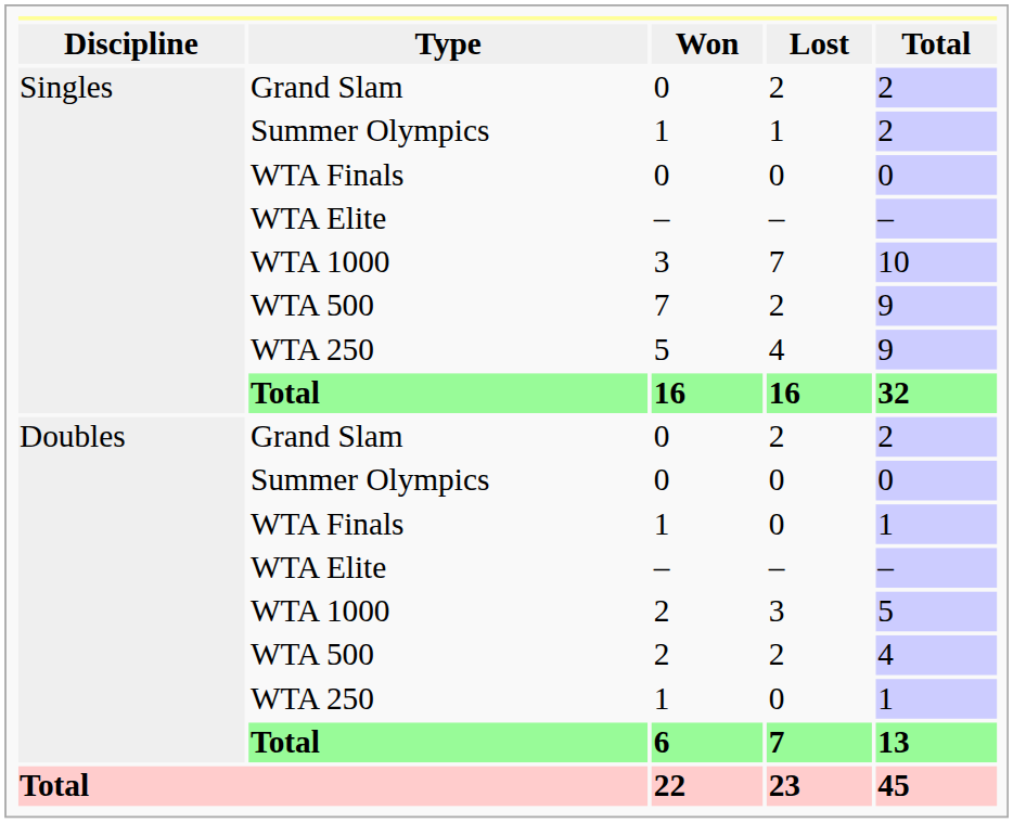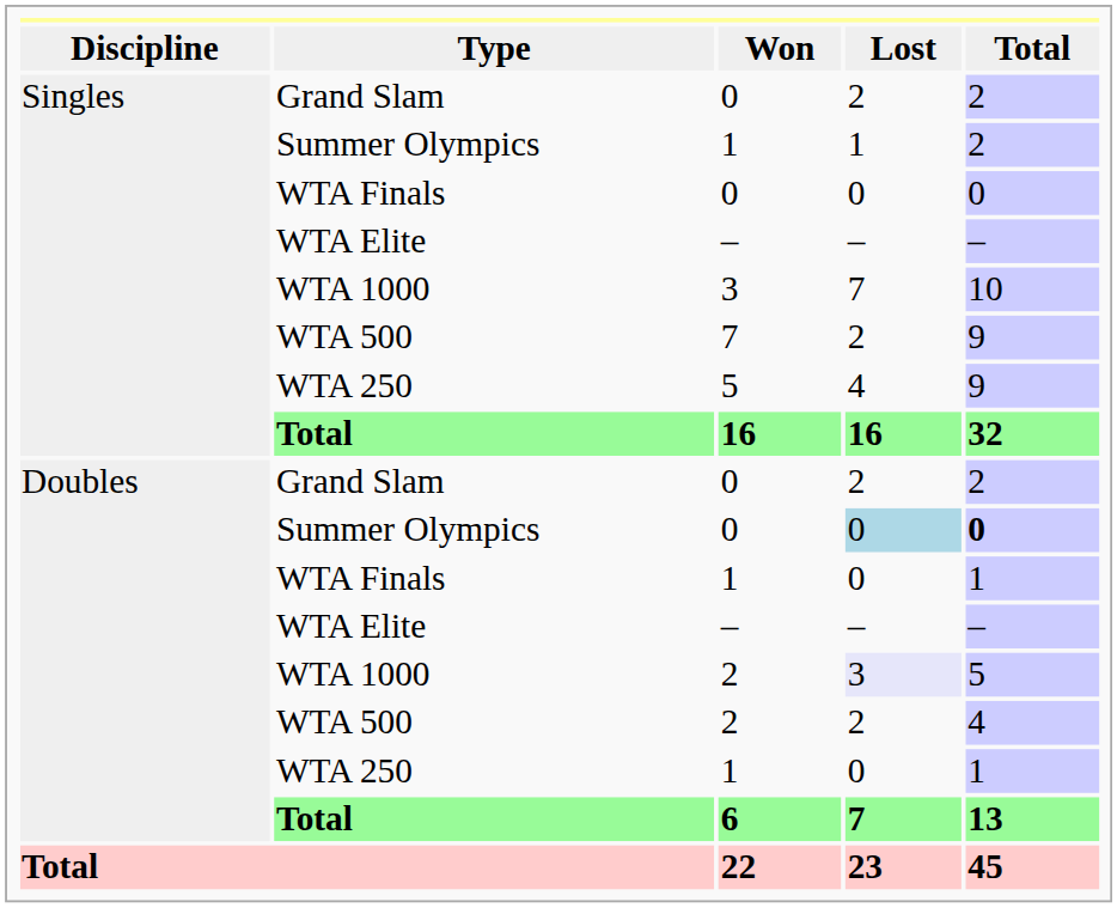 <table class="infobox vcard vevent nowrap" width=40%>
 <tr bgcolor=FFFF99>
 <th colspan=6></th>
 </tr>
 <tr style=background:#efefef;font-weight:bold>
 <th>Discipline</th>
 <th>Type</th>
 <th>Won</th>
 <th>Lost</th>
 <th>Total</th>
 </tr>
 <tr>
 <td rowspan="8" bgcolor=efefef>Singles</td>
 <td>Grand Slam</td>
 <td>0</td>
 <td>2</td>
 <td bgcolor=CCCCFF>2</td>
 </tr>
 <tr>
 <td>Summer Olympics</td>
 <td>1</td>
 <td>1</td>
 <td bgcolor=CCCCFF>2</td>
 </tr>
 <tr>
 <td>WTA Finals</td>
 <td>0</td>
 <td>0</td>
 <td bgcolor=CCCCFF>0</td>
 </tr>
 <tr>
 <td>WTA Elite</td>
 <td>–</td>
 <td>–</td>
 <td bgcolor="CCCCFF">–</td>
 </tr>
 <tr>
 <td>WTA 1000</td>
 <td>3</td>
 <td>7</td>
 <td bgcolor="CCCCFF">10</td>
 </tr>
 <tr>
 <td>WTA 500</td>
 <td>7</td>
 <td>2</td>
 <td bgcolor="CCCCFF">9</td>
 </tr>
 <tr>
 <td>WTA 250</td>
 <td>5</td>
 <td>4</td>
 <td bgcolor="CCCCFF">9</td>
 </tr>
 <tr style="background:#98FB98;font-weight:bold">
 <td><strong>Total</strong></td>
 <td>16</td>
 <td>16</td>
 <td>32</td>
 </tr>
 <tr>
 <td rowspan="8" bgcolor=efefef>Doubles</td>
 <td>Grand Slam</td>
 <td>0</td>
 <td>2</td>
 <td bgcolor="CCCCFF">2</td>
 </tr>
 <tr>
 <td>Summer Olympics</td>
 <td>0</td>
-<td>0</td>
-<td bgcolor=CCCCFF>0</td>
+<td style="background: lightblue;">0</td>
+<td bgcolor=CCCCFF><strong>0</strong></td>
 </tr>
 <tr>
 <td>WTA Finals</td>
 <td>1</td>
 <td>0</td>
 <td bgcolor=CCCCFF>1</td>
 </tr>
 <tr>
 <td>WTA Elite</td>
 <td>–</td>
 <td>–</td>
 <td bgcolor="CCCCFF">–</td>
 </tr>
 <tr>
 <td>WTA 1000</td>
 <td>2</td>
-<td>3</td>
+<td style="background: lavender;">3</td>
 <td bgcolor="CCCCFF">5</td>
 </tr>
 <tr>
 <td>WTA 500</td>
 <td>2</td>
 <td>2</td>
 <td bgcolor="CCCCFF">4</td>
 </tr>
 <tr>
 <td>WTA 250</td>
 <td>1</td>
 <td>0</td>
 <td bgcolor="CCCCFF">1</td>
 </tr>
 <tr style=background:#98FB98;font-weight:bold>
 <td>Total</td>
 <td>6</td>
 <td>7</td>
 <td>13</td>
 </tr>
 <tr style=background:#FCC;font-weight:bold>
 <td colspan=2>Total</td>
 <td>22</td>
 <td>23</td>
 <td>45</td>
 </tr>
 </table>
